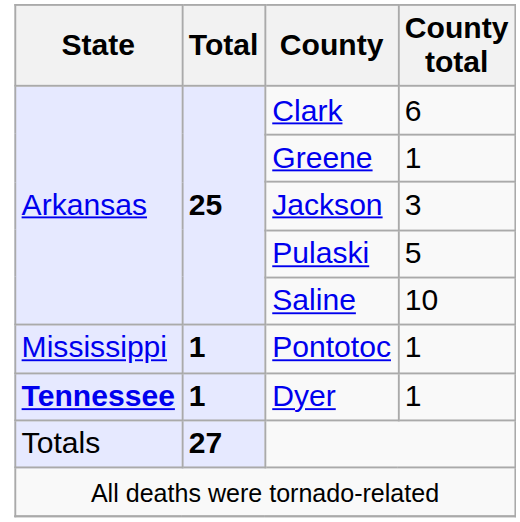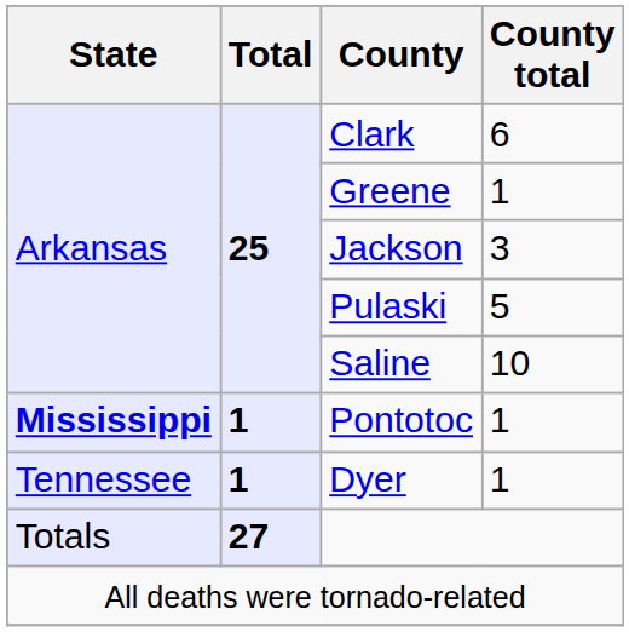 <table class="wikitable" style="margin:0 0 0.5em 1em;float:right;">
 <tr>
 <th><strong>State</strong></th>
 <th><strong>Total</strong></th>
 <th><strong>County</strong></th>
 <th><strong>County<br>total</strong></th>
 </tr>
 <tr>
 <td rowspan=5 bgcolor="#e6e9ff"><a href='#'>Arkansas</a></td>
 <td rowspan=5 bgcolor="#e6e9ff"><strong>25</strong></td>
 <td><a href='#'>Clark</a></td>
 <td>6</td>
 </tr>
 <tr>
 <td><a href='#'>Greene</a></td>
 <td>1</td>
 </tr>
 <tr>
 <td><a href='#'>Jackson</a></td>
 <td>3</td>
 </tr>
 <tr>
 <td><a href='#'>Pulaski</a></td>
 <td>5</td>
 </tr>
 <tr>
 <td><a href='#'>Saline</a></td>
 <td>10</td>
 </tr>
 <tr>
-<td rowspan=1 bgcolor="#e6e9ff"><a href='#'>Mississippi</a></td>
+<td rowspan=1 bgcolor="#e6e9ff"><strong><a href='#'>Mississippi</a></strong></td>
 <td rowspan=1 bgcolor="#e6e9ff"><strong>1</strong></td>
 <td><a href='#'>Pontotoc</a></td>
 <td>1</td>
 </tr>
 <tr>
-<td rowspan=1 bgcolor="#e6e9ff"><strong><a href='#'>Tennessee</a></strong></td>
+<td rowspan=1 bgcolor="#e6e9ff"><a href='#'>Tennessee</a></td>
 <td rowspan=1 bgcolor="#e6e9ff"><strong>1</strong></td>
 <td><a href='#'>Dyer</a></td>
 <td>1</td>
 </tr>
 <tr>
 <td bgcolor="#e6e9ff">Totals</td>
 <td bgcolor="#e6e9ff"><strong>27</strong></td>
 <td colspan=2></td>
 </tr>
 <tr>
 <td colspan=4 align=center><small>All deaths were tornado-related</small></td>
 </tr>
 <tr>
 </tr>
 </table>
